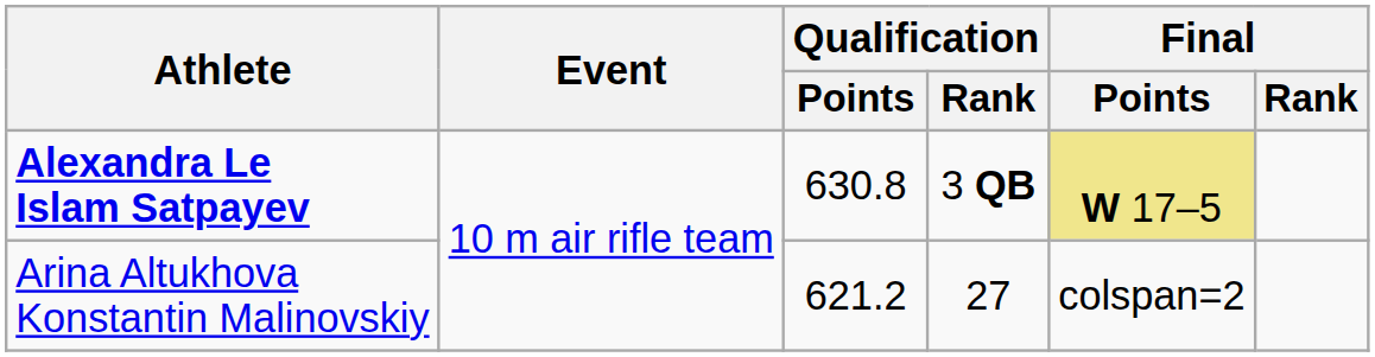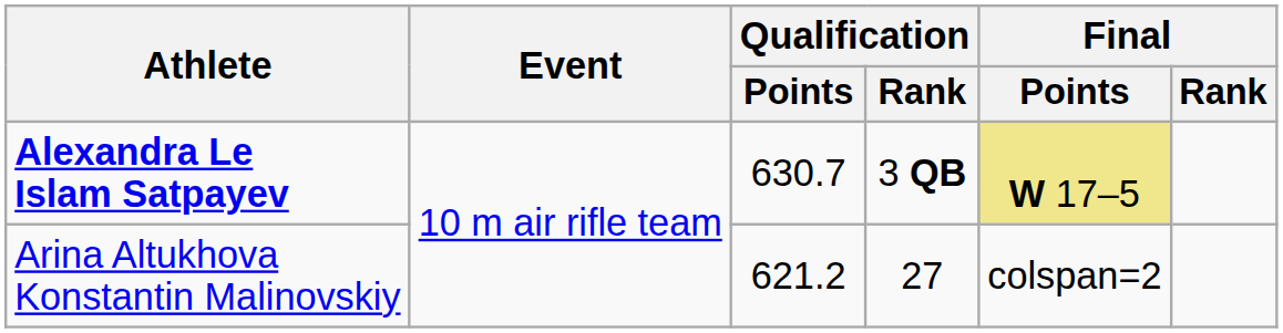 <table class="wikitable" style="font-size:90%">
 <tr>
 <th rowspan="2">Athlete</th>
 <th rowspan="2">Event</th>
 <th colspan=2>Qualification</th>
 <th colspan=2>Final</th>
 </tr>
 <tr style="font-size:95%">
 <th>Points</th>
 <th>Rank</th>
 <th>Points</th>
 <th>Rank</th>
 </tr>
 <tr align=center>
 <td align=left><strong><a href='#'>Alexandra Le</a><br><a href='#'>Islam Satpayev</a></strong></td>
 <td align=left rowspan=2><a href='#'>10 m air rifle team</a></td>
-<td>630.8</td>
+<td>630.7</td>
 <td>3 <strong>QB</strong></td>
 <td style="background: khaki;"><br><strong>W</strong> 17–5</td>
 <td></td>
 </tr>
 <tr align=center>
 <td align= left><a href='#'>Arina Altukhova</a><br><a href='#'>Konstantin Malinovskiy</a></td>
 <td>621.2</td>
 <td>27</td>
 <td>colspan=2</td>
 </tr>
 </table>
